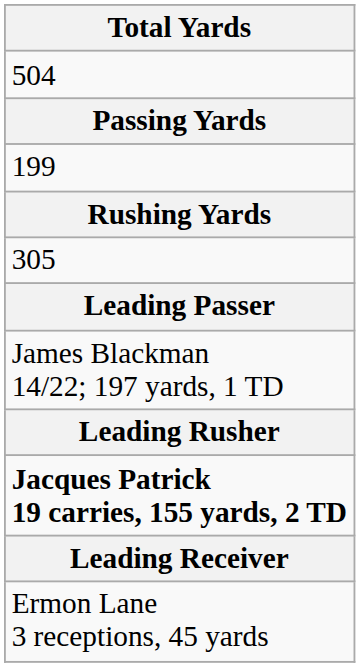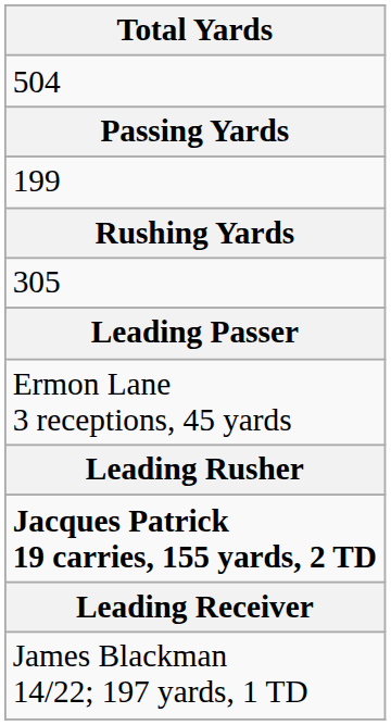 <table class="wikitable">
 <tr>
 <th>Total Yards</th>
 </tr>
 <tr>
 <td>504</td>
 </tr>
 <tr>
 <th>Passing Yards</th>
 </tr>
 <tr>
 <td>199</td>
 </tr>
 <tr>
 <th>Rushing Yards</th>
 </tr>
 <tr>
 <td>305</td>
 </tr>
 <tr>
 <th>Leading Passer</th>
 </tr>
 <tr>
-<td>James Blackman<br>14/22; 197 yards, 1 TD</td>
+<td>Ermon Lane<br>3 receptions, 45 yards</td>
 </tr>
 <tr>
 <th>Leading Rusher</th>
 </tr>
 <tr>
 <td><strong>Jacques Patrick<br>19 carries, 155 yards, 2 TD</strong></td>
 </tr>
 <tr>
 <th>Leading Receiver</th>
 </tr>
 <tr>
-<td>Ermon Lane<br>3 receptions, 45 yards</td>
+<td>James Blackman<br>14/22; 197 yards, 1 TD</td>
 </tr>
 </table>
